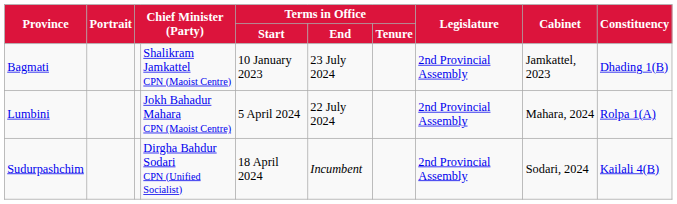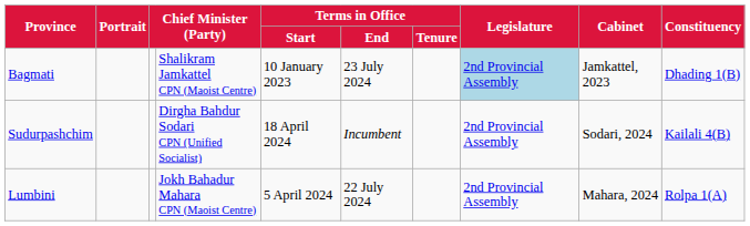 <table class="wikitable">
 <tr>
 <th rowspan="2" style="background-color:crimson; color:white">Province</th>
 <th rowspan="2" style="background-color:crimson; color:white">Portrait</th>
 <th colspan="2" rowspan="2" style="background-color:crimson; color:white">Chief Minister<br>(Party)</th>
 <th colspan="3" style="background-color:crimson; color:white">Terms in Office</th>
 <th rowspan="2" style="background-color:crimson; color:white">Legislature</th>
 <th rowspan="2" style="background-color:crimson; color:white">Cabinet</th>
 <th rowspan="2" style="background-color:crimson; color:white">Constituency</th>
 </tr>
 <tr>
 <th style="background-color:crimson; color:white">Start</th>
 <th style="background-color:crimson; color:white">End</th>
 <th style="background-color:crimson; color:white">Tenure</th>
 </tr>
 <tr>
 <td><a href='#'>Bagmati</a></td>
 <td></td>
 <td></td>
 <td><a href='#'>Shalikram Jamkattel</a><br><small><a href='#'>CPN (Maoist Centre)</a></small></td>
 <td>10 January 2023</td>
 <td>23 July 2024</td>
 <td></td>
-<td><a href='#'>2nd Provincial Assembly</a></td>
+<td style="background: lightblue;"><a href='#'>2nd Provincial Assembly</a></td>
 <td>Jamkattel, 2023</td>
 <td><a href='#'>Dhading 1(B)</a></td>
+</tr>
+<tr>
+<td><a href='#'>Sudurpashchim</a></td>
+<td></td>
+<td></td>
+<td><a href='#'>Dirgha Bahdur Sodari</a><br><small><a href='#'>CPN (Unified Socialist)</a></small></td>
+<td>18 April 2024</td>
+<td><em>Incumbent</em></td>
+<td></td>
+<td><a href='#'>2nd Provincial Assembly</a></td>
+<td>Sodari, 2024</td>
+<td><a href='#'>Kailali 4(B)</a></td>
 </tr>
 <tr>
 <td><a href='#'>Lumbini</a></td>
 <td></td>
 <td></td>
 <td><a href='#'>Jokh Bahadur Mahara</a><br><small><a href='#'>CPN (Maoist Centre)</a></small></td>
 <td>5 April 2024</td>
 <td>22 July 2024</td>
 <td></td>
 <td><a href='#'>2nd Provincial Assembly</a></td>
 <td>Mahara, 2024</td>
 <td><a href='#'>Rolpa 1(A)</a></td>
 </tr>
-<tr>
-<td><a href='#'>Sudurpashchim</a></td>
-<td></td>
-<td></td>
-<td><a href='#'>Dirgha Bahdur Sodari</a><br><small><a href='#'>CPN (Unified Socialist)</a></small></td>
-<td>18 April 2024</td>
-<td><em>Incumbent</em></td>
-<td></td>
-<td><a href='#'>2nd Provincial Assembly</a></td>
-<td>Sodari, 2024</td>
-<td><a href='#'>Kailali 4(B)</a></td>
-</tr>
 </table>
